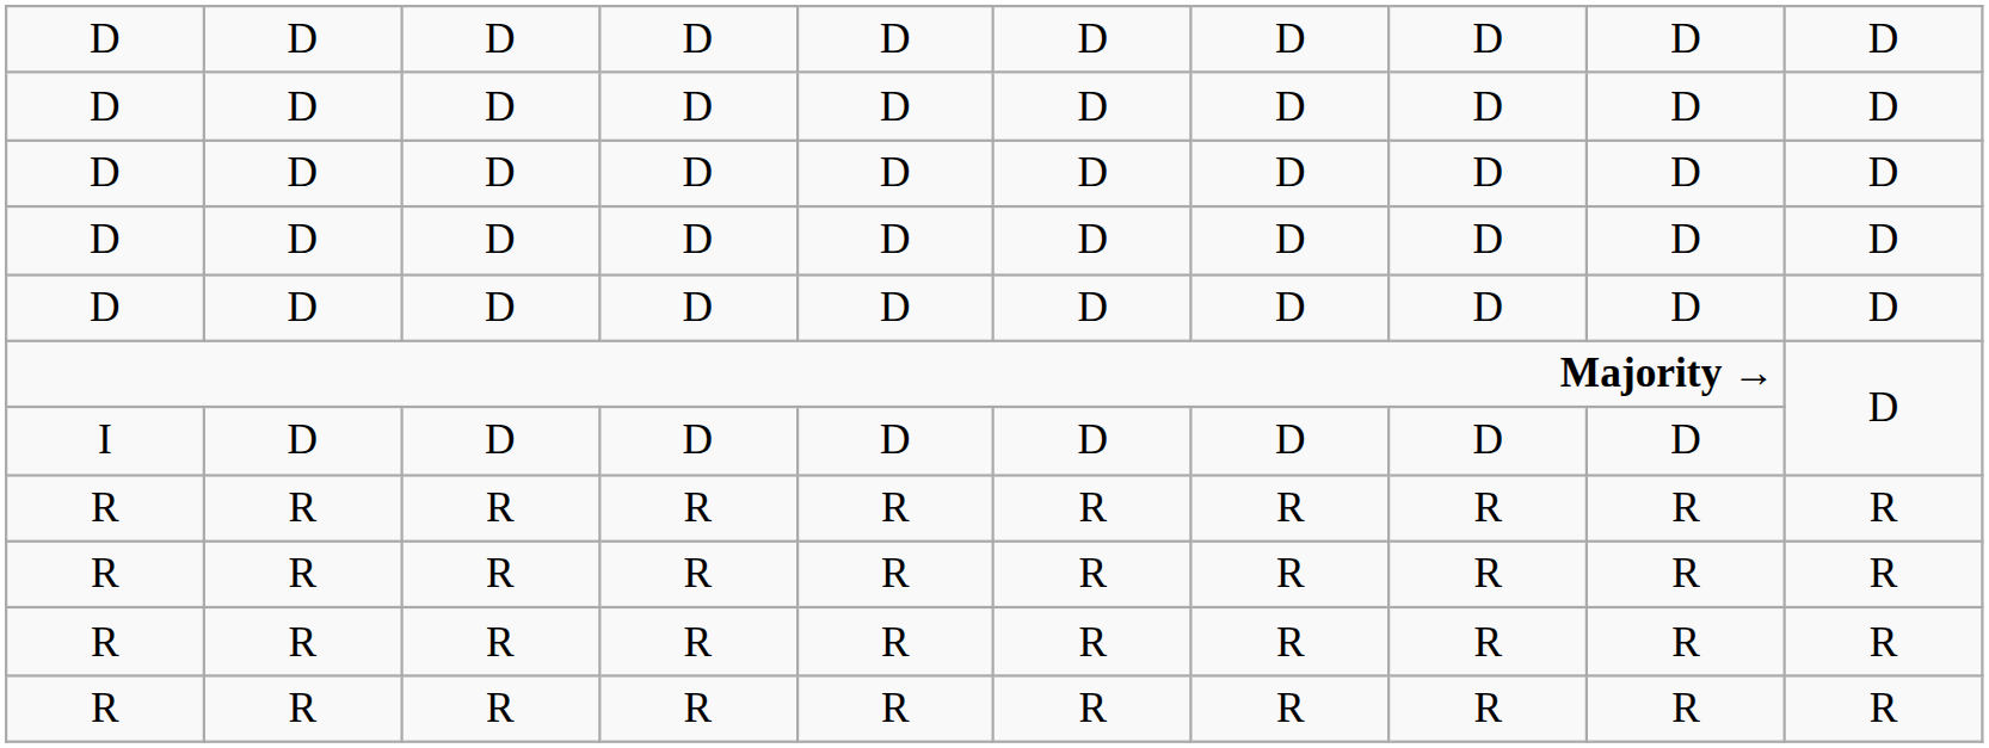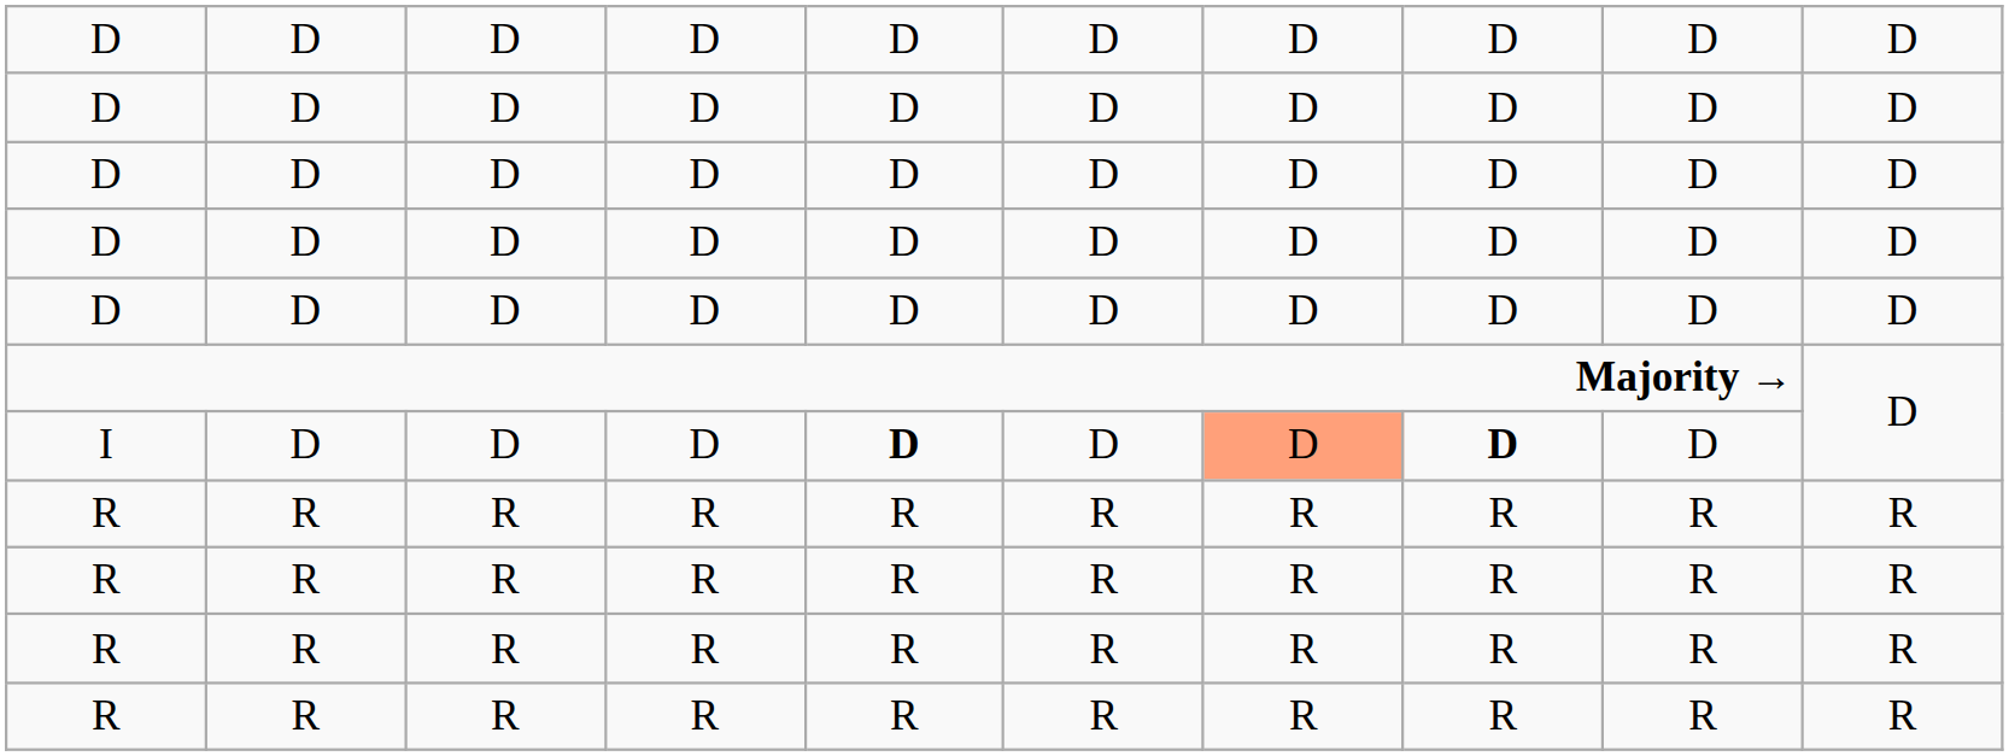 <table class="wikitable" style="text-align:center" width=750px>
 <tr>
 <td>D</td>
 <td>D</td>
 <td>D</td>
 <td>D</td>
 <td>D</td>
 <td>D</td>
 <td>D</td>
 <td>D</td>
 <td>D</td>
 <td>D</td>
 </tr>
 <tr>
 <td width=10%  >D</td>
 <td width=10%  >D</td>
 <td width=10%  >D</td>
 <td width=10%  >D</td>
 <td width=10%  >D</td>
 <td width=10%  >D</td>
 <td width=10%  >D</td>
 <td width=10%  >D</td>
 <td width=10%  >D</td>
 <td width=10%  >D</td>
 </tr>
 <tr>
 <td>D</td>
 <td>D</td>
 <td>D</td>
 <td>D</td>
 <td>D</td>
 <td>D</td>
 <td>D</td>
 <td>D</td>
 <td>D</td>
 <td>D</td>
 </tr>
 <tr>
 <td>D</td>
 <td>D</td>
 <td>D</td>
 <td>D</td>
 <td>D</td>
 <td>D</td>
 <td>D</td>
 <td>D</td>
 <td>D</td>
 <td>D</td>
 </tr>
 <tr>
 <td>D</td>
 <td>D</td>
 <td>D</td>
 <td>D</td>
 <td>D</td>
 <td>D<br></td>
 <td>D<br></td>
 <td>D<br></td>
 <td>D<br></td>
 <td>D<br></td>
 </tr>
 <tr>
 <td colspan=9 align=right><strong>Majority →</strong></td>
 <td rowspan=2 >D<br></td>
 </tr>
 <tr>
 <td>I</td>
 <td>D<br></td>
 <td>D<br></td>
 <td>D<br></td>
+<td><strong>D<br></strong></td>
 <td>D<br></td>
-<td>D<br></td>
-<td>D<br></td>
-<td>D<br></td>
+<td style="background: lightsalmon;">D<br></td>
+<td><strong>D<br></strong></td>
 <td>D<br></td>
 </tr>
 <tr>
 <td>R<br></td>
 <td>R<br></td>
 <td>R<br></td>
 <td>R<br></td>
 <td>R<br></td>
 <td>R<br></td>
 <td>R<br></td>
 <td>R<br></td>
 <td>R<br></td>
 <td>R<br></td>
 </tr>
 <tr>
 <td>R</td>
 <td>R<br></td>
 <td>R<br></td>
 <td>R<br></td>
 <td>R<br></td>
 <td>R<br></td>
 <td>R<br></td>
 <td>R<br></td>
 <td>R<br></td>
 <td>R<br></td>
 </tr>
 <tr>
 <td>R</td>
 <td>R</td>
 <td>R</td>
 <td>R</td>
 <td>R</td>
 <td>R</td>
 <td>R</td>
 <td>R</td>
 <td>R</td>
 <td>R</td>
 </tr>
 <tr>
 <td>R</td>
 <td>R</td>
 <td>R</td>
 <td>R</td>
 <td>R</td>
 <td>R</td>
 <td>R</td>
 <td>R</td>
 <td>R</td>
 <td>R</td>
 </tr>
 </table>
